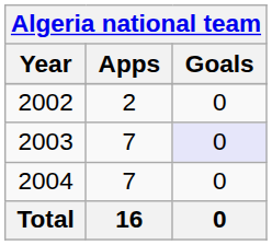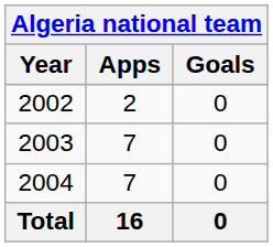 <table class="wikitable" style="text-align:center">
 <tr>
 <th colspan=3><a href='#'>Algeria national team</a></th>
 </tr>
 <tr>
 <th>Year</th>
 <th>Apps</th>
 <th>Goals</th>
 </tr>
 <tr>
 </tr>
 <tr>
 <td>2002</td>
 <td>2</td>
 <td>0</td>
 </tr>
 <tr>
 <td>2003</td>
 <td>7</td>
-<td style="background: lavender;">0</td>
+<td>0</td>
 </tr>
 <tr>
 <td>2004</td>
 <td>7</td>
 <td>0</td>
 </tr>
 <tr>
 <th>Total</th>
 <th>16</th>
 <th>0</th>
 </tr>
 </table>
